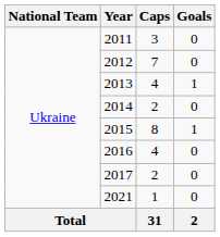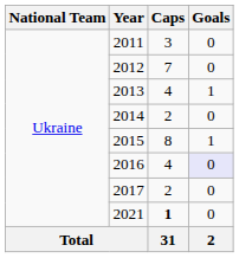 <table class="wikitable" style="text-align: center">
 <tr>
 <th>National Team</th>
 <th>Year</th>
 <th>Caps</th>
 <th>Goals</th>
 </tr>
 <tr>
 <td rowspan="8"><a href='#'>Ukraine</a></td>
 <td>2011</td>
 <td>3</td>
 <td>0</td>
 </tr>
 <tr>
 <td>2012</td>
 <td>7</td>
 <td>0</td>
 </tr>
 <tr>
 <td>2013</td>
 <td>4</td>
 <td>1</td>
 </tr>
 <tr>
 <td>2014</td>
 <td>2</td>
 <td>0</td>
 </tr>
 <tr>
 <td>2015</td>
 <td>8</td>
 <td>1</td>
 </tr>
 <tr>
 <td>2016</td>
 <td>4</td>
-<td>0</td>
+<td style="background: lavender;">0</td>
 </tr>
 <tr>
 <td>2017</td>
 <td>2</td>
 <td>0</td>
 </tr>
 <tr>
 <td>2021</td>
-<td>1</td>
+<td><strong>1</strong></td>
 <td>0</td>
 </tr>
 <tr>
 <th colspan="2">Total</th>
 <th>31</th>
 <th>2</th>
 </tr>
 </table>
